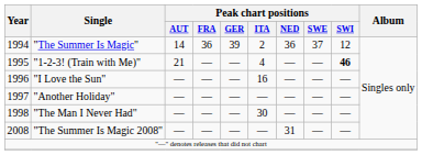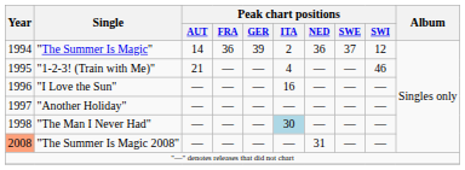 <table class="wikitable" style="text-align:center;">
 <tr>
 <th rowspan="2">Year</th>
 <th rowspan="2">Single</th>
 <th colspan="7">Peak chart positions</th>
 <th rowspan="2">Album</th>
 </tr>
 <tr style="font-size:smaller;">
 <th width="35"><a href='#'>AUT</a><br></th>
 <th width="35"><a href='#'>FRA</a><br></th>
 <th width="35"><a href='#'>GER</a><br></th>
 <th width="35"><a href='#'>ITA</a><br></th>
 <th width="35"><a href='#'>NED</a><br></th>
 <th width="35"><a href='#'>SWE</a><br></th>
 <th width="35"><a href='#'>SWI</a><br></th>
 </tr>
 <tr>
 <td>1994</td>
 <td align="left">"<a href='#'>The Summer Is Magic</a>"</td>
 <td>14</td>
 <td>36</td>
 <td>39</td>
 <td>2</td>
 <td>36</td>
 <td>37</td>
 <td>12</td>
 <td align="left" rowspan="6">Singles only</td>
 </tr>
 <tr>
 <td>1995</td>
 <td align="left">"1-2-3! (Train with Me)"</td>
 <td>21</td>
 <td>—</td>
 <td>—</td>
 <td>4</td>
 <td>—</td>
 <td>—</td>
-<td><strong>46</strong></td>
+<td>46</td>
 </tr>
 <tr>
 <td>1996</td>
 <td align="left">"I Love the Sun"</td>
 <td>—</td>
 <td>—</td>
 <td>—</td>
 <td>16</td>
 <td>—</td>
 <td>—</td>
 <td>—</td>
 </tr>
 <tr>
 <td>1997</td>
 <td align="left">"Another Holiday"</td>
 <td>—</td>
 <td>—</td>
 <td>—</td>
 <td>—</td>
 <td>—</td>
 <td>—</td>
 <td>—</td>
 </tr>
 <tr>
 <td>1998</td>
 <td align="left">"The Man I Never Had"</td>
 <td>—</td>
 <td>—</td>
 <td>—</td>
-<td>30</td>
+<td style="background: lightblue;">30</td>
 <td>—</td>
 <td>—</td>
 <td>—</td>
 </tr>
 <tr>
-<td>2008</td>
+<td style="background: lightsalmon;">2008</td>
 <td align="left">"The Summer Is Magic 2008"</td>
 <td>—</td>
 <td>—</td>
 <td>—</td>
 <td>—</td>
 <td>31</td>
 <td>—</td>
 <td>—</td>
 </tr>
 <tr>
 <td colspan="15" style="font-size:8pt">"—" denotes releases that did not chart</td>
 </tr>
 <tr>
 </tr>
 </table>
